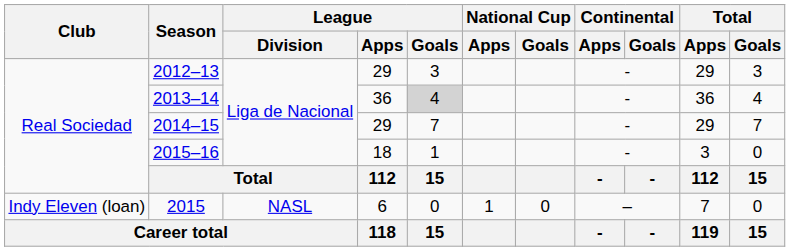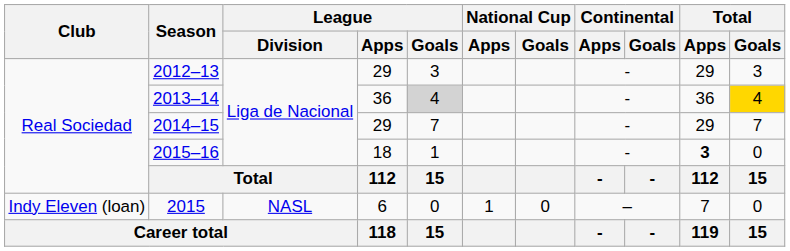 <table class="wikitable" style="text-align: center;">
 <tr>
 <th rowspan="2">Club</th>
 <th rowspan="2">Season</th>
 <th colspan="3">League</th>
 <th colspan="2">National Cup</th>
 <th colspan="2">Continental</th>
 <th colspan="2">Total</th>
 </tr>
 <tr>
 <th>Division</th>
 <th>Apps</th>
 <th>Goals</th>
 <th>Apps</th>
 <th>Goals</th>
 <th>Apps</th>
 <th>Goals</th>
 <th>Apps</th>
 <th>Goals</th>
 </tr>
 <tr>
 <td rowspan="5" valign="center"><a href='#'>Real Sociedad</a></td>
 <td><a href='#'>2012–13</a></td>
 <td rowspan="4" valign="center"><a href='#'>Liga de Nacional</a></td>
 <td>29</td>
 <td>3</td>
 <td></td>
 <td></td>
 <td colspan="2">-</td>
 <td>29</td>
 <td>3</td>
 </tr>
 <tr>
 <td><a href='#'>2013–14</a></td>
 <td>36</td>
 <td style="background: lightgrey;">4</td>
 <td></td>
 <td></td>
 <td colspan="2">-</td>
 <td>36</td>
-<td>4</td>
+<td style="background: gold;">4</td>
 </tr>
 <tr>
 <td><a href='#'>2014–15</a></td>
 <td>29</td>
 <td>7</td>
 <td></td>
 <td></td>
 <td colspan="2">-</td>
 <td>29</td>
 <td>7</td>
 </tr>
 <tr>
 <td><a href='#'>2015–16</a></td>
 <td>18</td>
 <td>1</td>
 <td></td>
 <td></td>
 <td colspan="2">-</td>
-<td>3</td>
+<td><strong>3</strong></td>
 <td>0</td>
 </tr>
 <tr>
 <th colspan="2">Total</th>
 <th>112</th>
 <th>15</th>
 <th></th>
 <th></th>
 <th>-</th>
 <th>-</th>
 <th>112</th>
 <th>15</th>
 </tr>
 <tr>
 <td valign="center"><a href='#'>Indy Eleven</a> (loan)</td>
 <td><a href='#'>2015</a></td>
 <td><a href='#'>NASL</a></td>
 <td>6</td>
 <td>0</td>
 <td>1</td>
 <td>0</td>
 <td colspan="2">–</td>
 <td>7</td>
 <td>0</td>
 </tr>
 <tr>
 <th colspan="3">Career total</th>
 <th>118</th>
 <th>15</th>
 <th></th>
 <th></th>
 <th>-</th>
 <th>-</th>
 <th>119</th>
 <th>15</th>
 </tr>
 </table>
